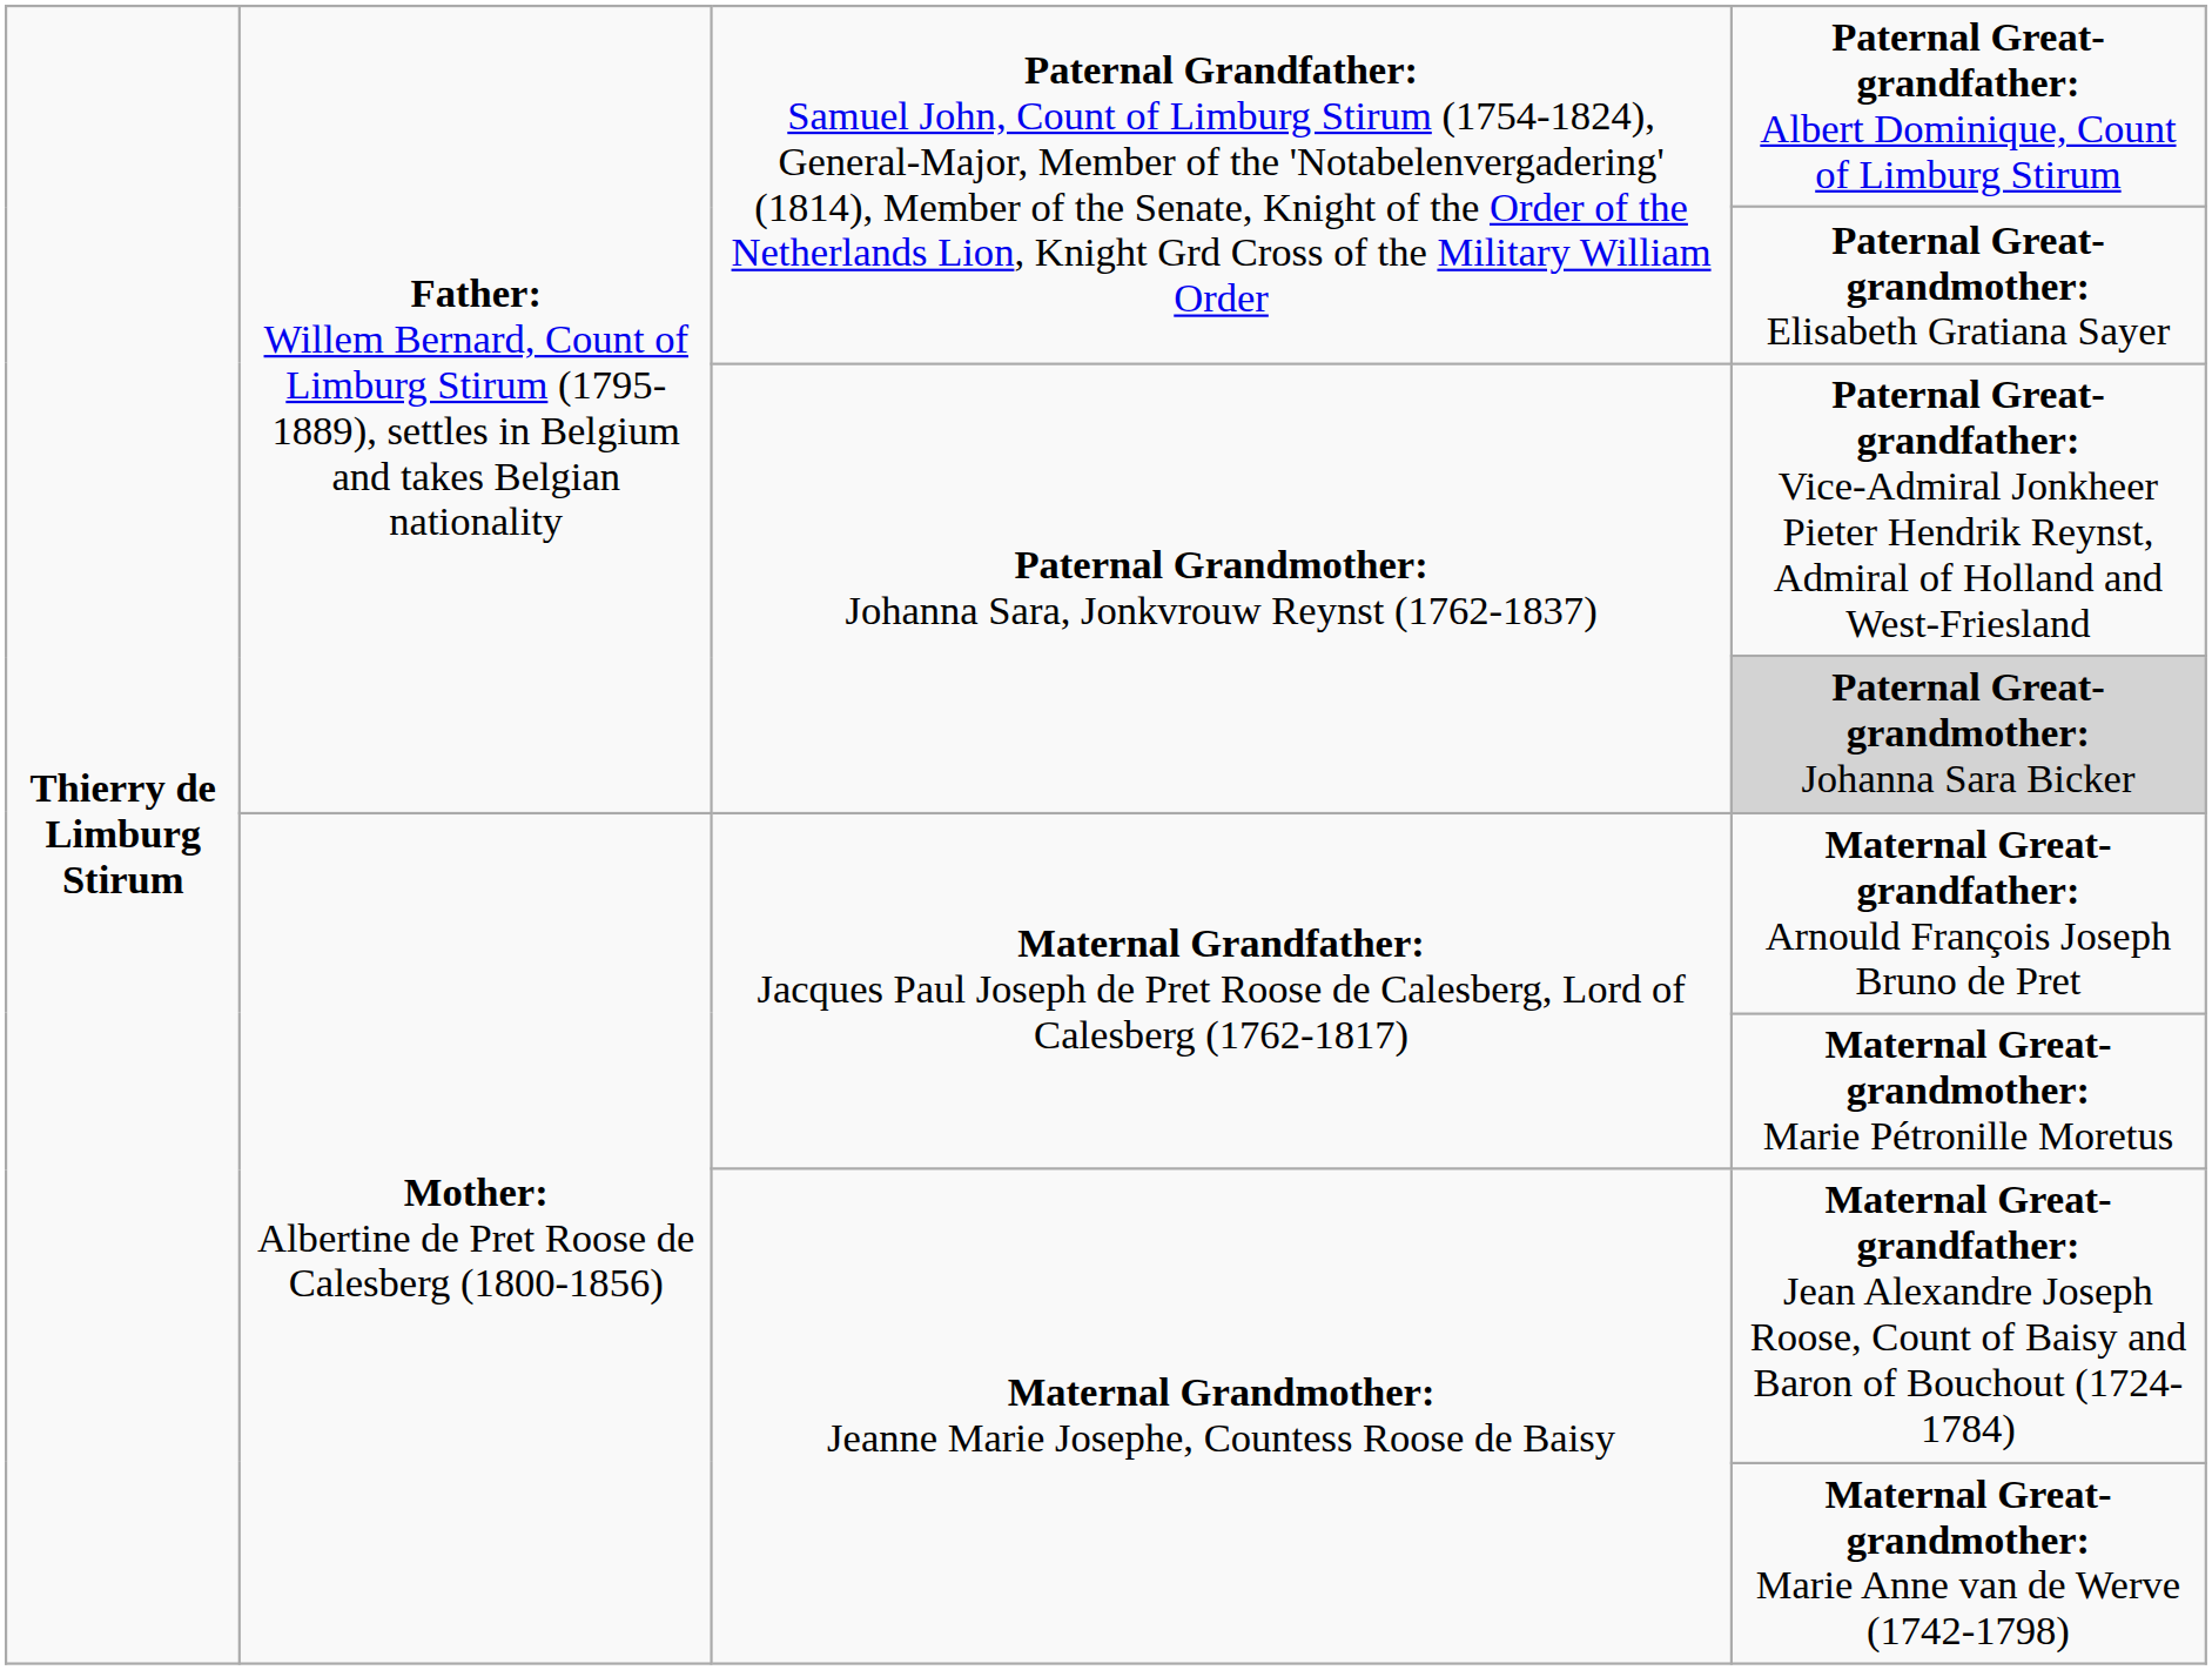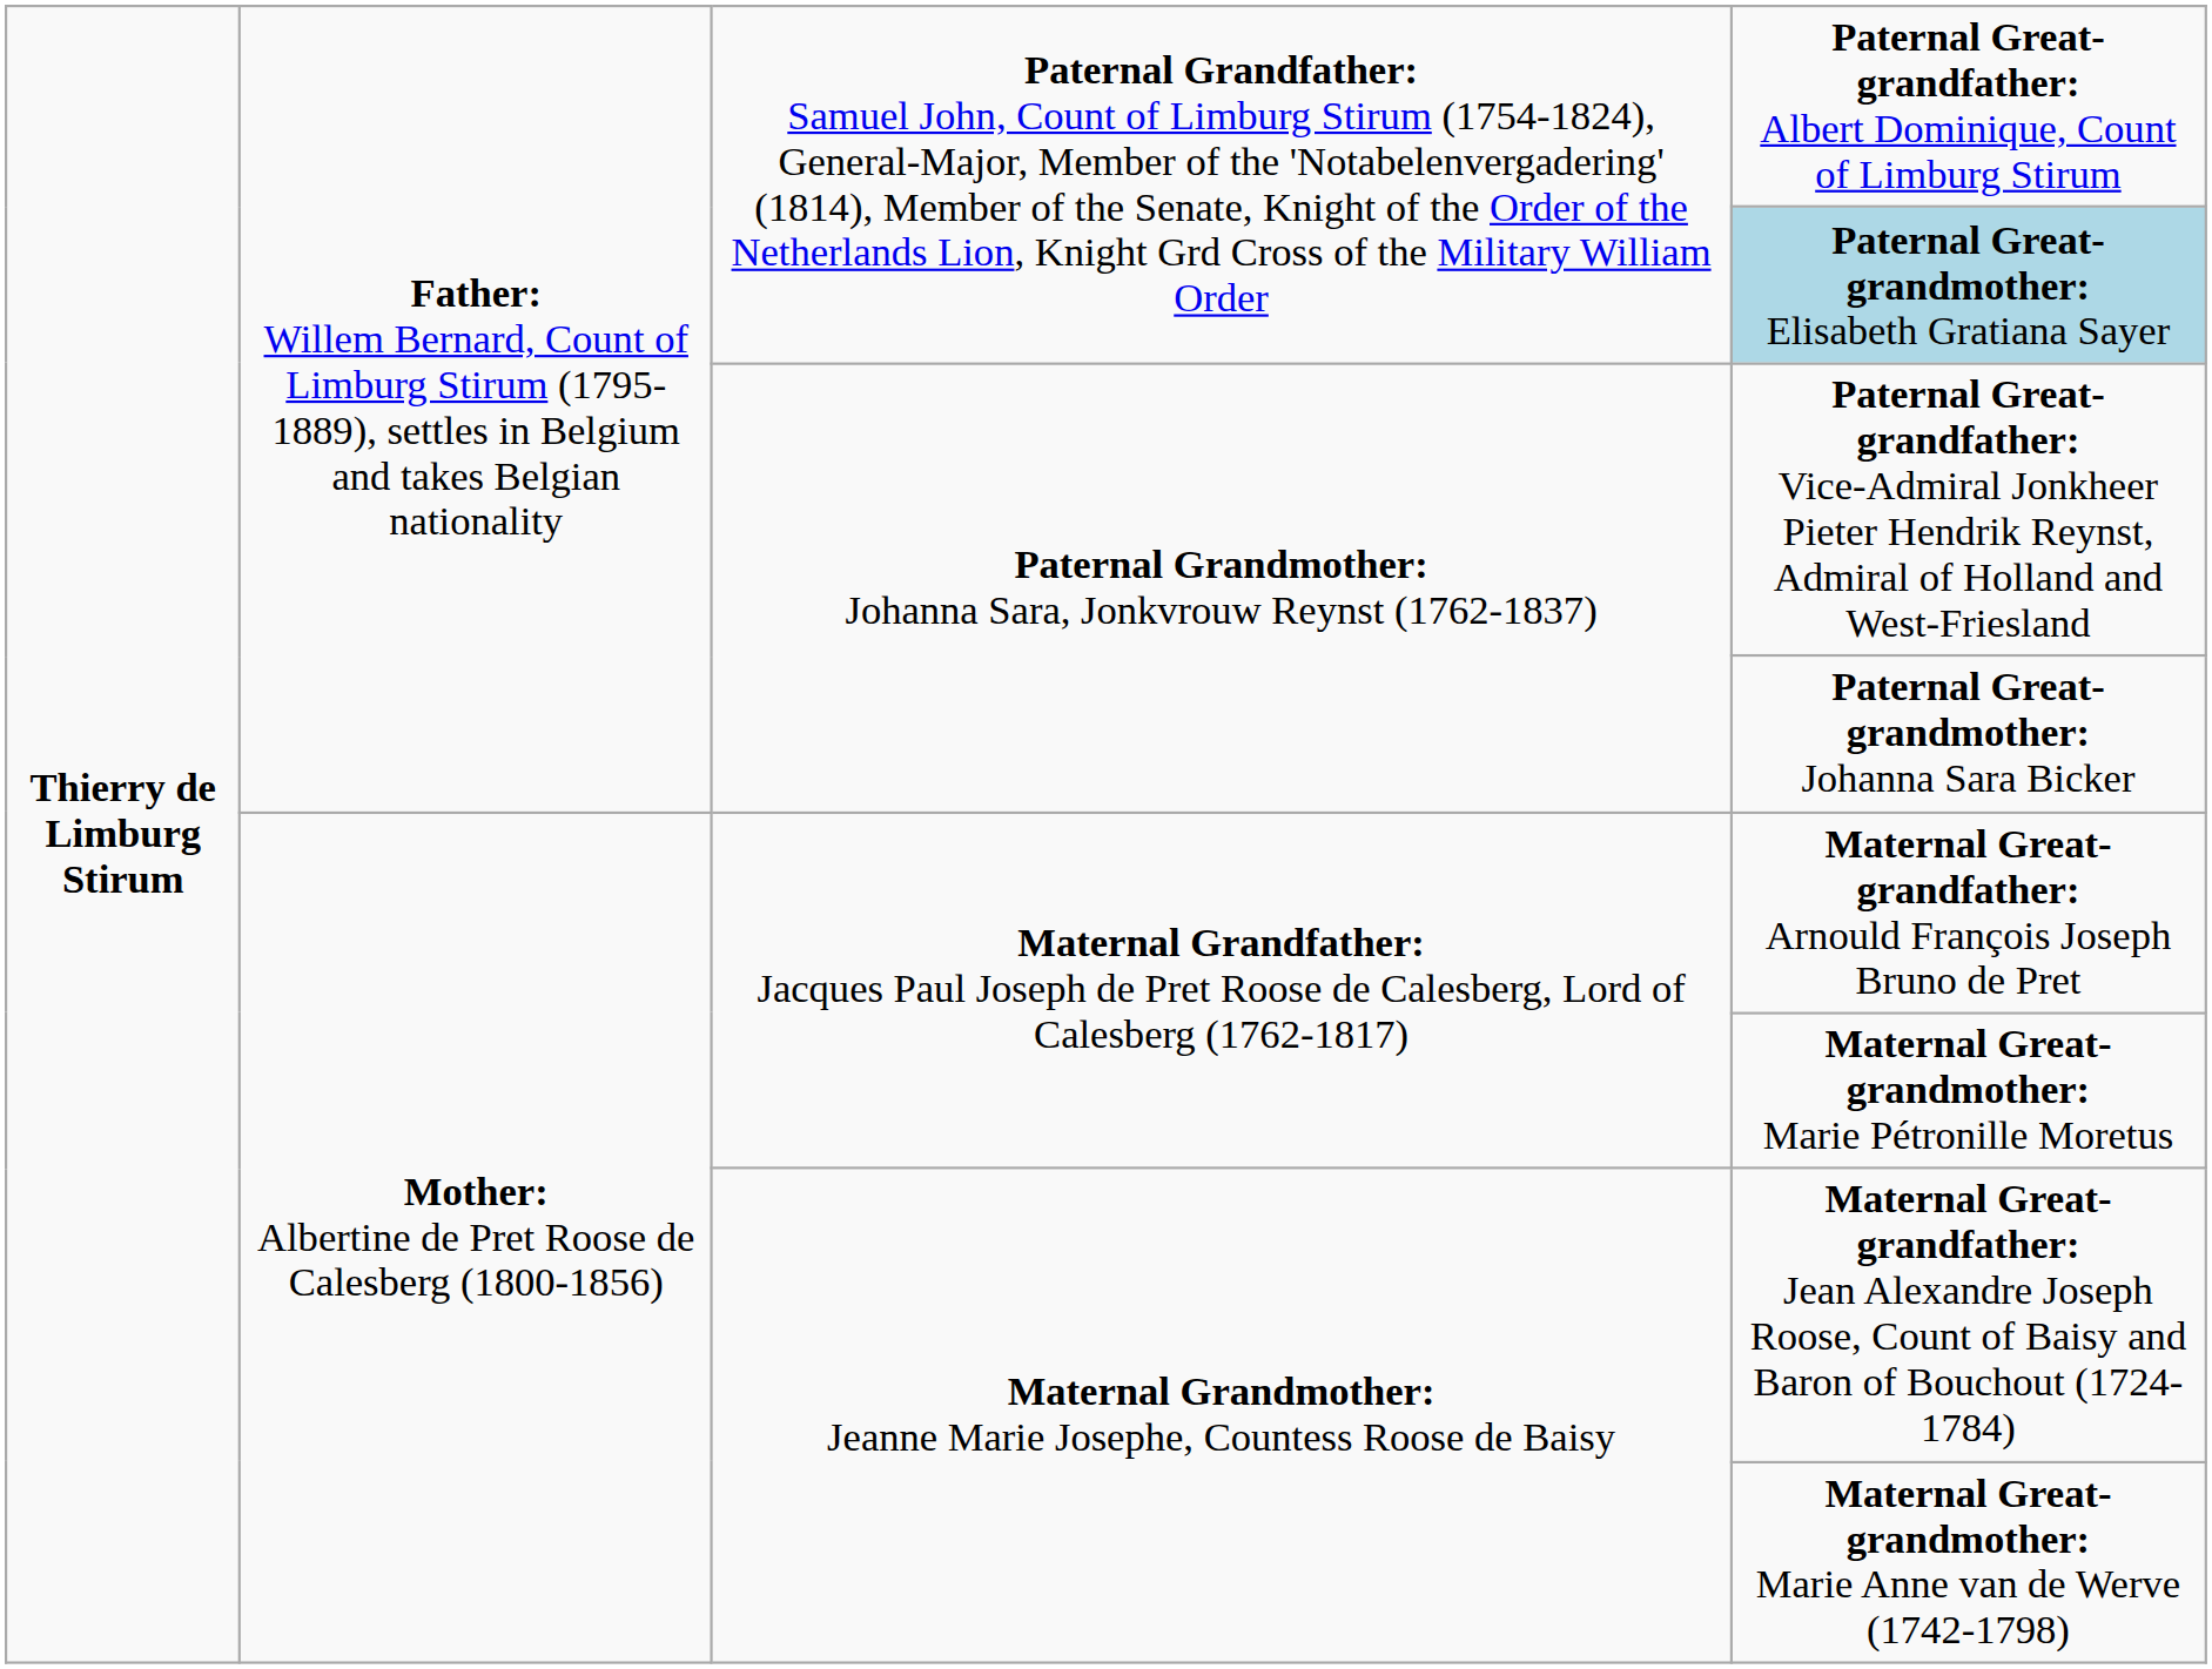 <table class="wikitable">
 <tr>
 <td rowspan="8" style="text-align:center;"><strong>Thierry de Limburg Stirum</strong></td>
 <td rowspan="4" style="text-align:center;"><strong>Father:</strong><br><a href='#'>Willem Bernard, Count of Limburg Stirum</a> (1795-1889), settles in Belgium and takes Belgian nationality</td>
 <td rowspan="2" style="text-align:center;"><strong>Paternal Grandfather:</strong><br><a href='#'>Samuel John, Count of Limburg Stirum</a> (1754-1824), General-Major, Member of the 'Notabelenvergadering' (1814), Member of the Senate, Knight of the <a href='#'>Order of the Netherlands Lion</a>, Knight Grd Cross of the <a href='#'>Military William Order</a></td>
 <td style="text-align:center;"><strong>Paternal Great-grandfather:</strong><br><a href='#'>Albert Dominique, Count of Limburg Stirum</a></td>
 </tr>
 <tr>
-<td style="text-align:center;"><strong>Paternal Great-grandmother:</strong><br>Elisabeth Gratiana Sayer</td>
+<td style="background: lightblue; text-align:center;"><strong>Paternal Great-grandmother:</strong><br>Elisabeth Gratiana Sayer</td>
 </tr>
 <tr style="text-align:center;">
 <td rowspan="2"><strong>Paternal Grandmother:</strong><br>Johanna Sara, Jonkvrouw Reynst (1762-1837)</td>
 <td><strong>Paternal Great-grandfather:</strong><br>Vice-Admiral Jonkheer Pieter Hendrik Reynst, Admiral of Holland and West-Friesland</td>
 </tr>
 <tr>
-<td style="background: lightgrey; text-align:center;"><strong>Paternal Great-grandmother:</strong><br>Johanna Sara Bicker</td>
+<td style="text-align:center;"><strong>Paternal Great-grandmother:</strong><br>Johanna Sara Bicker</td>
 </tr>
 <tr style="text-align:center;">
 <td rowspan="4"><strong>Mother:</strong><br>Albertine de Pret Roose de Calesberg (1800-1856)</td>
 <td rowspan="2"><strong>Maternal Grandfather:</strong><br>Jacques Paul Joseph de Pret Roose de Calesberg, Lord of Calesberg (1762-1817)</td>
 <td><strong>Maternal Great-grandfather:</strong><br>Arnould François Joseph Bruno de Pret</td>
 </tr>
 <tr>
 <td style="text-align:center;"><strong>Maternal Great-grandmother:</strong><br>Marie Pétronille Moretus</td>
 </tr>
 <tr style="text-align:center;">
 <td rowspan="2"><strong>Maternal Grandmother:</strong><br>Jeanne Marie Josephe, Countess Roose de Baisy</td>
 <td><strong>Maternal Great-grandfather:</strong><br>Jean Alexandre Joseph Roose, Count of Baisy and Baron of Bouchout (1724-1784)</td>
 </tr>
 <tr>
 <td style="text-align:center;"><strong>Maternal Great-grandmother:</strong><br>Marie Anne van de Werve (1742-1798)</td>
 </tr>
 </table>
